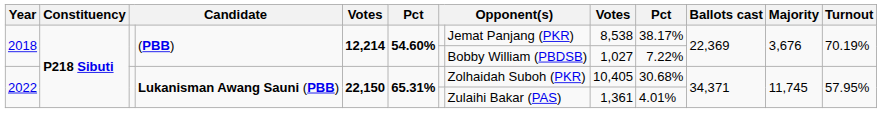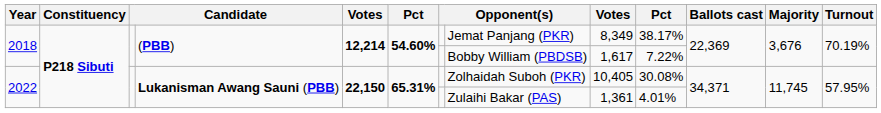 <table class="wikitable" style="margin:0.5em ; font-size:95%">
 <tr>
 <th>Year</th>
 <th>Constituency</th>
 <th colspan=2>Candidate</th>
 <th>Votes</th>
 <th>Pct</th>
 <th colspan=2>Opponent(s)</th>
 <th>Votes</th>
 <th>Pct</th>
 <th>Ballots cast</th>
 <th>Majority</th>
 <th>Turnout</th>
 </tr>
 <tr>
 <td rowspan="2"><a href='#'>2018</a></td>
 <td rowspan="4"><strong>P218 <a href='#'>Sibuti</a></strong></td>
 <td rowspan="2" ></td>
 <td rowspan="2"> (<a href='#'><strong>PBB</strong></a>)</td>
 <td rowspan="2" align=right><strong>12,214</strong></td>
 <td rowspan="2"><strong>54.60%</strong></td>
 <td></td>
 <td>Jemat Panjang (<a href='#'>PKR</a>)</td>
-<td align=right>8,538</td>
+<td align=right>8,349</td>
 <td>38.17%</td>
 <td rowspan="2">22,369</td>
 <td rowspan="2">3,676</td>
 <td rowspan="2">70.19%</td>
 </tr>
 <tr>
 <td></td>
 <td>Bobby William (<a href='#'>PBDSB</a>)</td>
-<td align=right>1,027</td>
+<td align=right>1,617</td>
 <td align=right>7.22%</td>
 </tr>
 <tr>
 <td rowspan="2"><a href='#'>2022</a></td>
 <td rowspan="2" ></td>
 <td rowspan="2"><strong>Lukanisman Awang Sauni</strong> (<a href='#'><strong>PBB</strong></a>)</td>
 <td rowspan="2" align="right"><strong>22,150</strong></td>
 <td rowspan="2"><strong>65.31%</strong></td>
 <td></td>
 <td>Zolhaidah Suboh (<a href='#'>PKR</a>)</td>
 <td align="right">10,405</td>
-<td>30.68%</td>
+<td>30.08%</td>
 <td rowspan="2">34,371</td>
 <td rowspan="2">11,745</td>
 <td rowspan="2">57.95%</td>
 </tr>
 <tr>
 <td bgcolor=></td>
 <td>Zulaihi Bakar (<a href='#'>PAS</a>)</td>
 <td align="right">1,361</td>
 <td>4.01%</td>
 </tr>
 </table>
